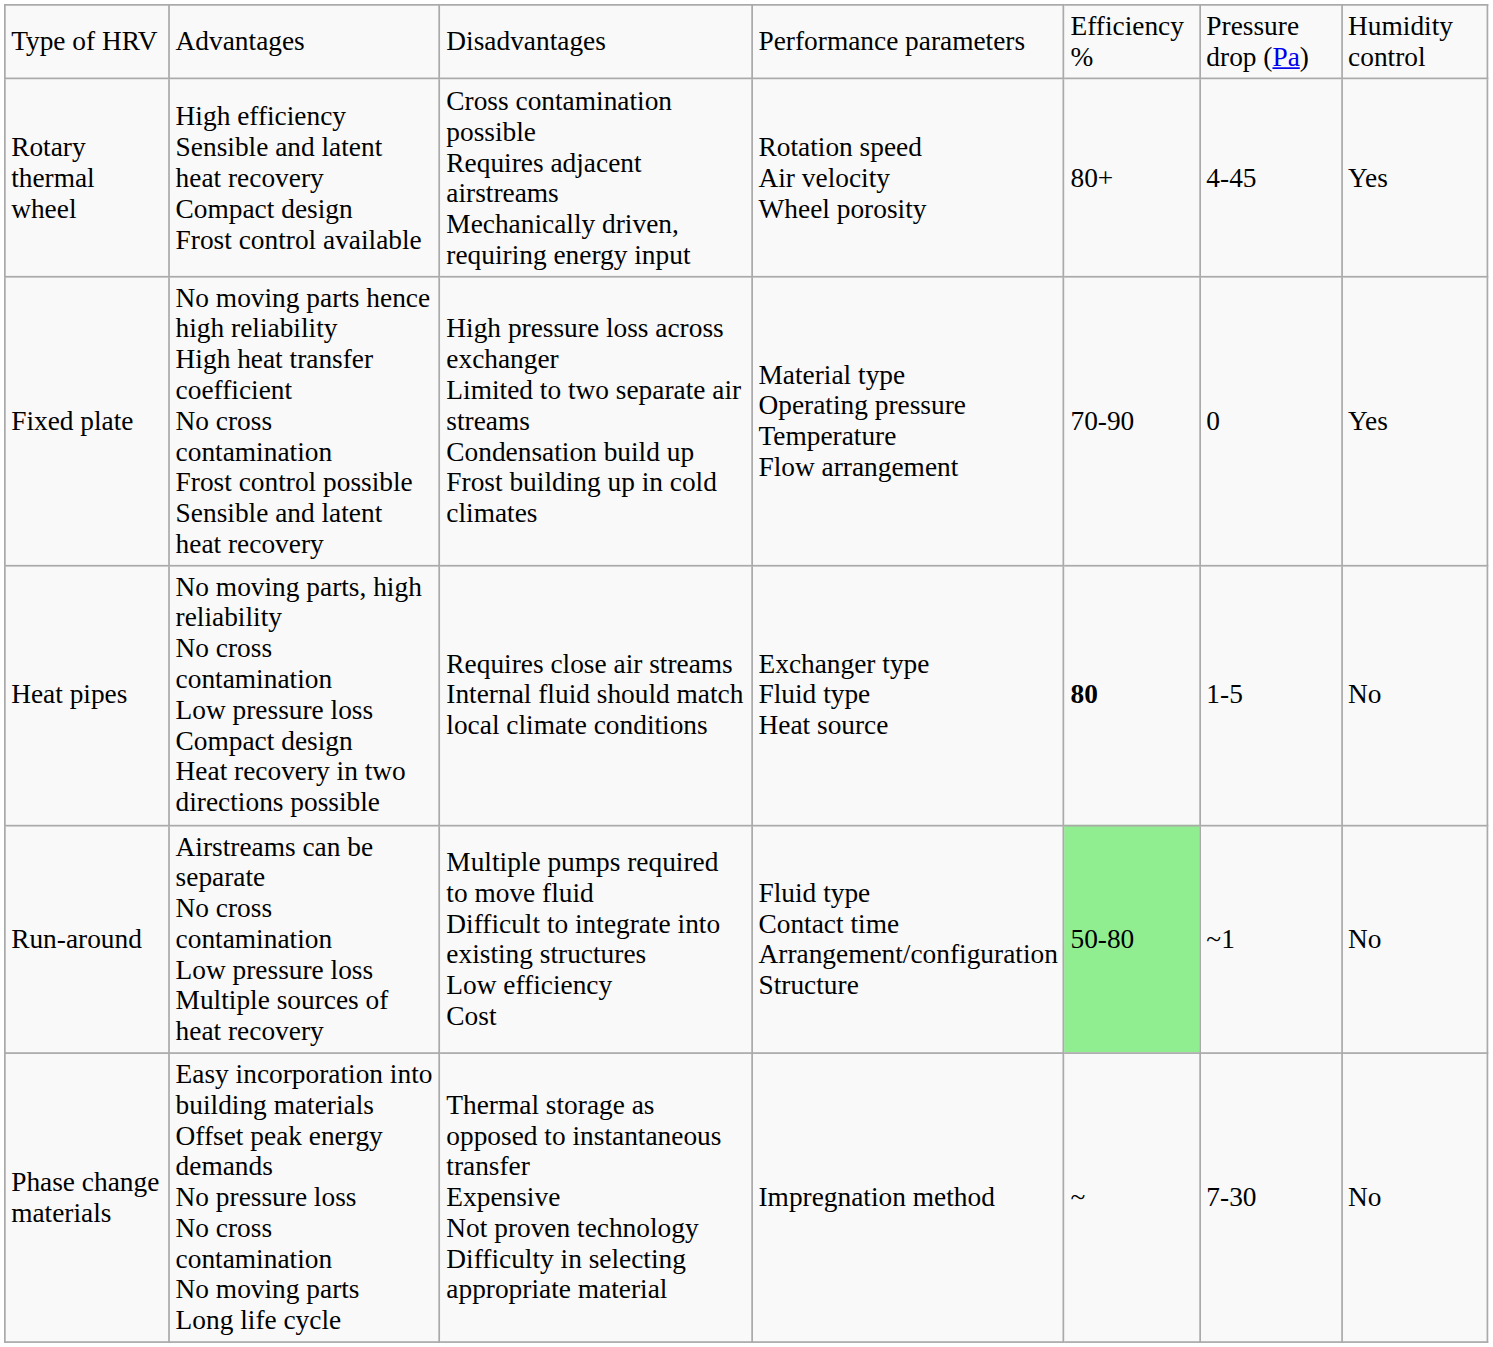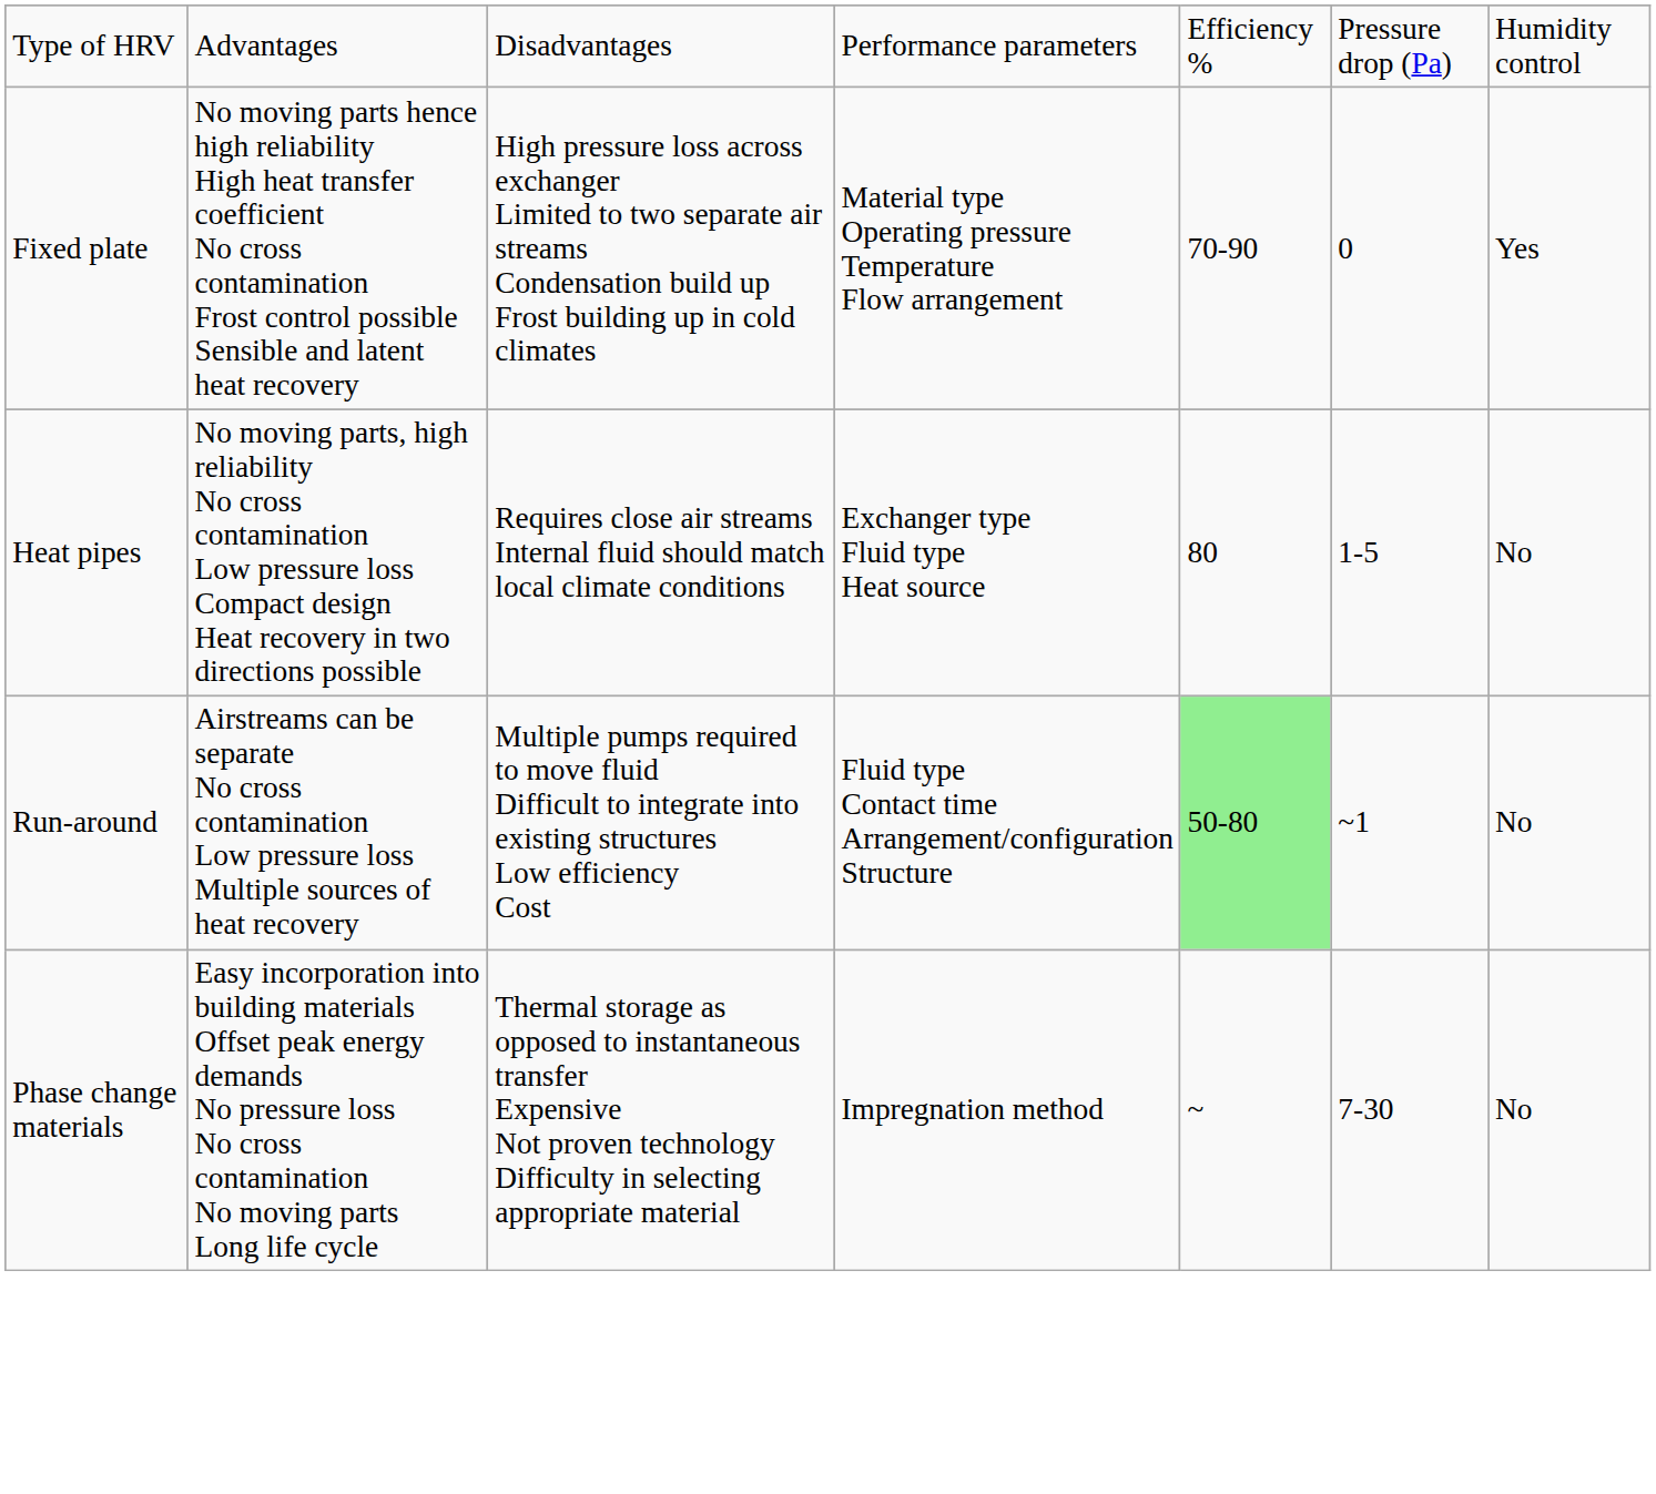 <table class="wikitable">
 <tr>
 <td>Type of HRV</td>
 <td>Advantages</td>
 <td>Disadvantages</td>
 <td>Performance parameters</td>
 <td>Efficiency %</td>
 <td>Pressure drop (<a href='#'>Pa</a>)</td>
 <td>Humidity control</td>
-</tr>
-<tr>
-<td>Rotary thermal wheel</td>
-<td>High efficiency<br>Sensible and latent heat recovery<br>Compact design<br>Frost control available</td>
-<td>Cross contamination possible<br>Requires adjacent airstreams<br>Mechanically driven, requiring energy input</td>
-<td>Rotation speed<br>Air velocity<br>Wheel porosity</td>
-<td>80+</td>
-<td>4-45</td>
-<td>Yes</td>
 </tr>
 <tr>
 <td>Fixed plate</td>
 <td>No moving parts hence high reliability<br>High heat transfer coefficient<br>No cross contamination<br>Frost control possible<br>Sensible and latent heat recovery</td>
 <td>High pressure loss across exchanger<br>Limited to two separate air streams<br>Condensation build up<br>Frost building up in cold climates</td>
 <td>Material type<br>Operating pressure<br>Temperature<br>Flow arrangement <br></td>
 <td>70-90</td>
 <td>0</td>
 <td>Yes</td>
 </tr>
 <tr>
 <td>Heat pipes</td>
 <td>No moving parts, high reliability<br>No cross contamination<br>Low pressure loss<br>Compact design<br>Heat recovery in two directions possible</td>
 <td>Requires close air streams<br>Internal fluid should match local climate conditions</td>
 <td>Exchanger type<br>Fluid type<br>Heat source</td>
-<td><strong>80</strong></td>
+<td>80</td>
 <td>1-5</td>
 <td>No</td>
 </tr>
 <tr>
 <td>Run-around</td>
 <td>Airstreams can be separate<br>No cross contamination<br>Low pressure loss<br>Multiple sources of heat recovery</td>
 <td>Multiple pumps required to move fluid<br>Difficult to integrate into existing structures<br>Low efficiency<br>Cost</td>
 <td>Fluid type<br>Contact time<br>Arrangement/configuration<br>Structure</td>
 <td style="background: lightgreen;">50-80</td>
 <td>~1</td>
 <td>No</td>
 </tr>
 <tr>
 <td>Phase change materials</td>
 <td>Easy incorporation into building materials<br>Offset peak energy demands<br>No pressure loss<br>No cross contamination<br>No moving parts<br>Long life cycle</td>
 <td>Thermal storage as opposed to instantaneous transfer<br>Expensive<br>Not proven technology<br>Difficulty in selecting appropriate material</td>
 <td>Impregnation method</td>
 <td>~</td>
 <td>7-30</td>
 <td>No</td>
 </tr>
 </table>
